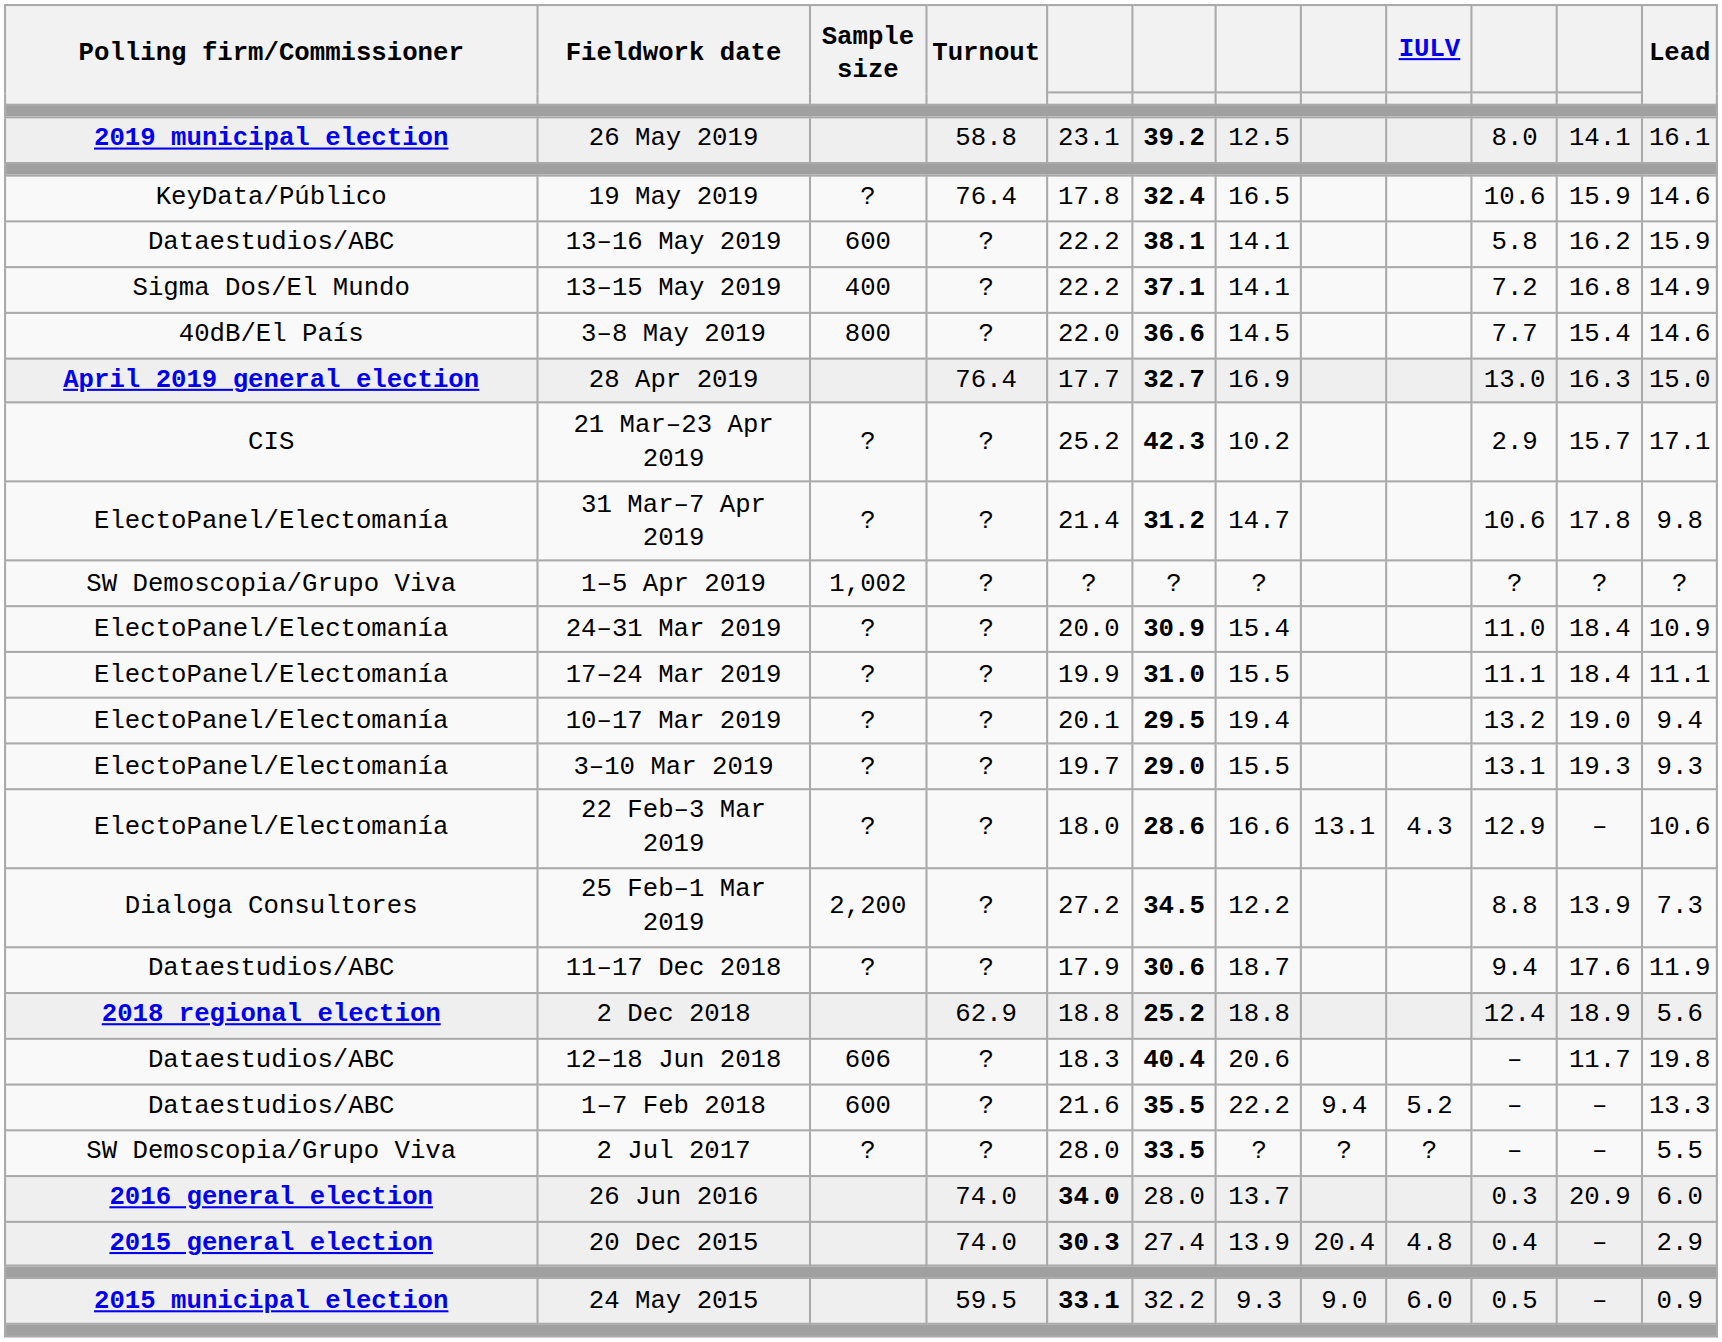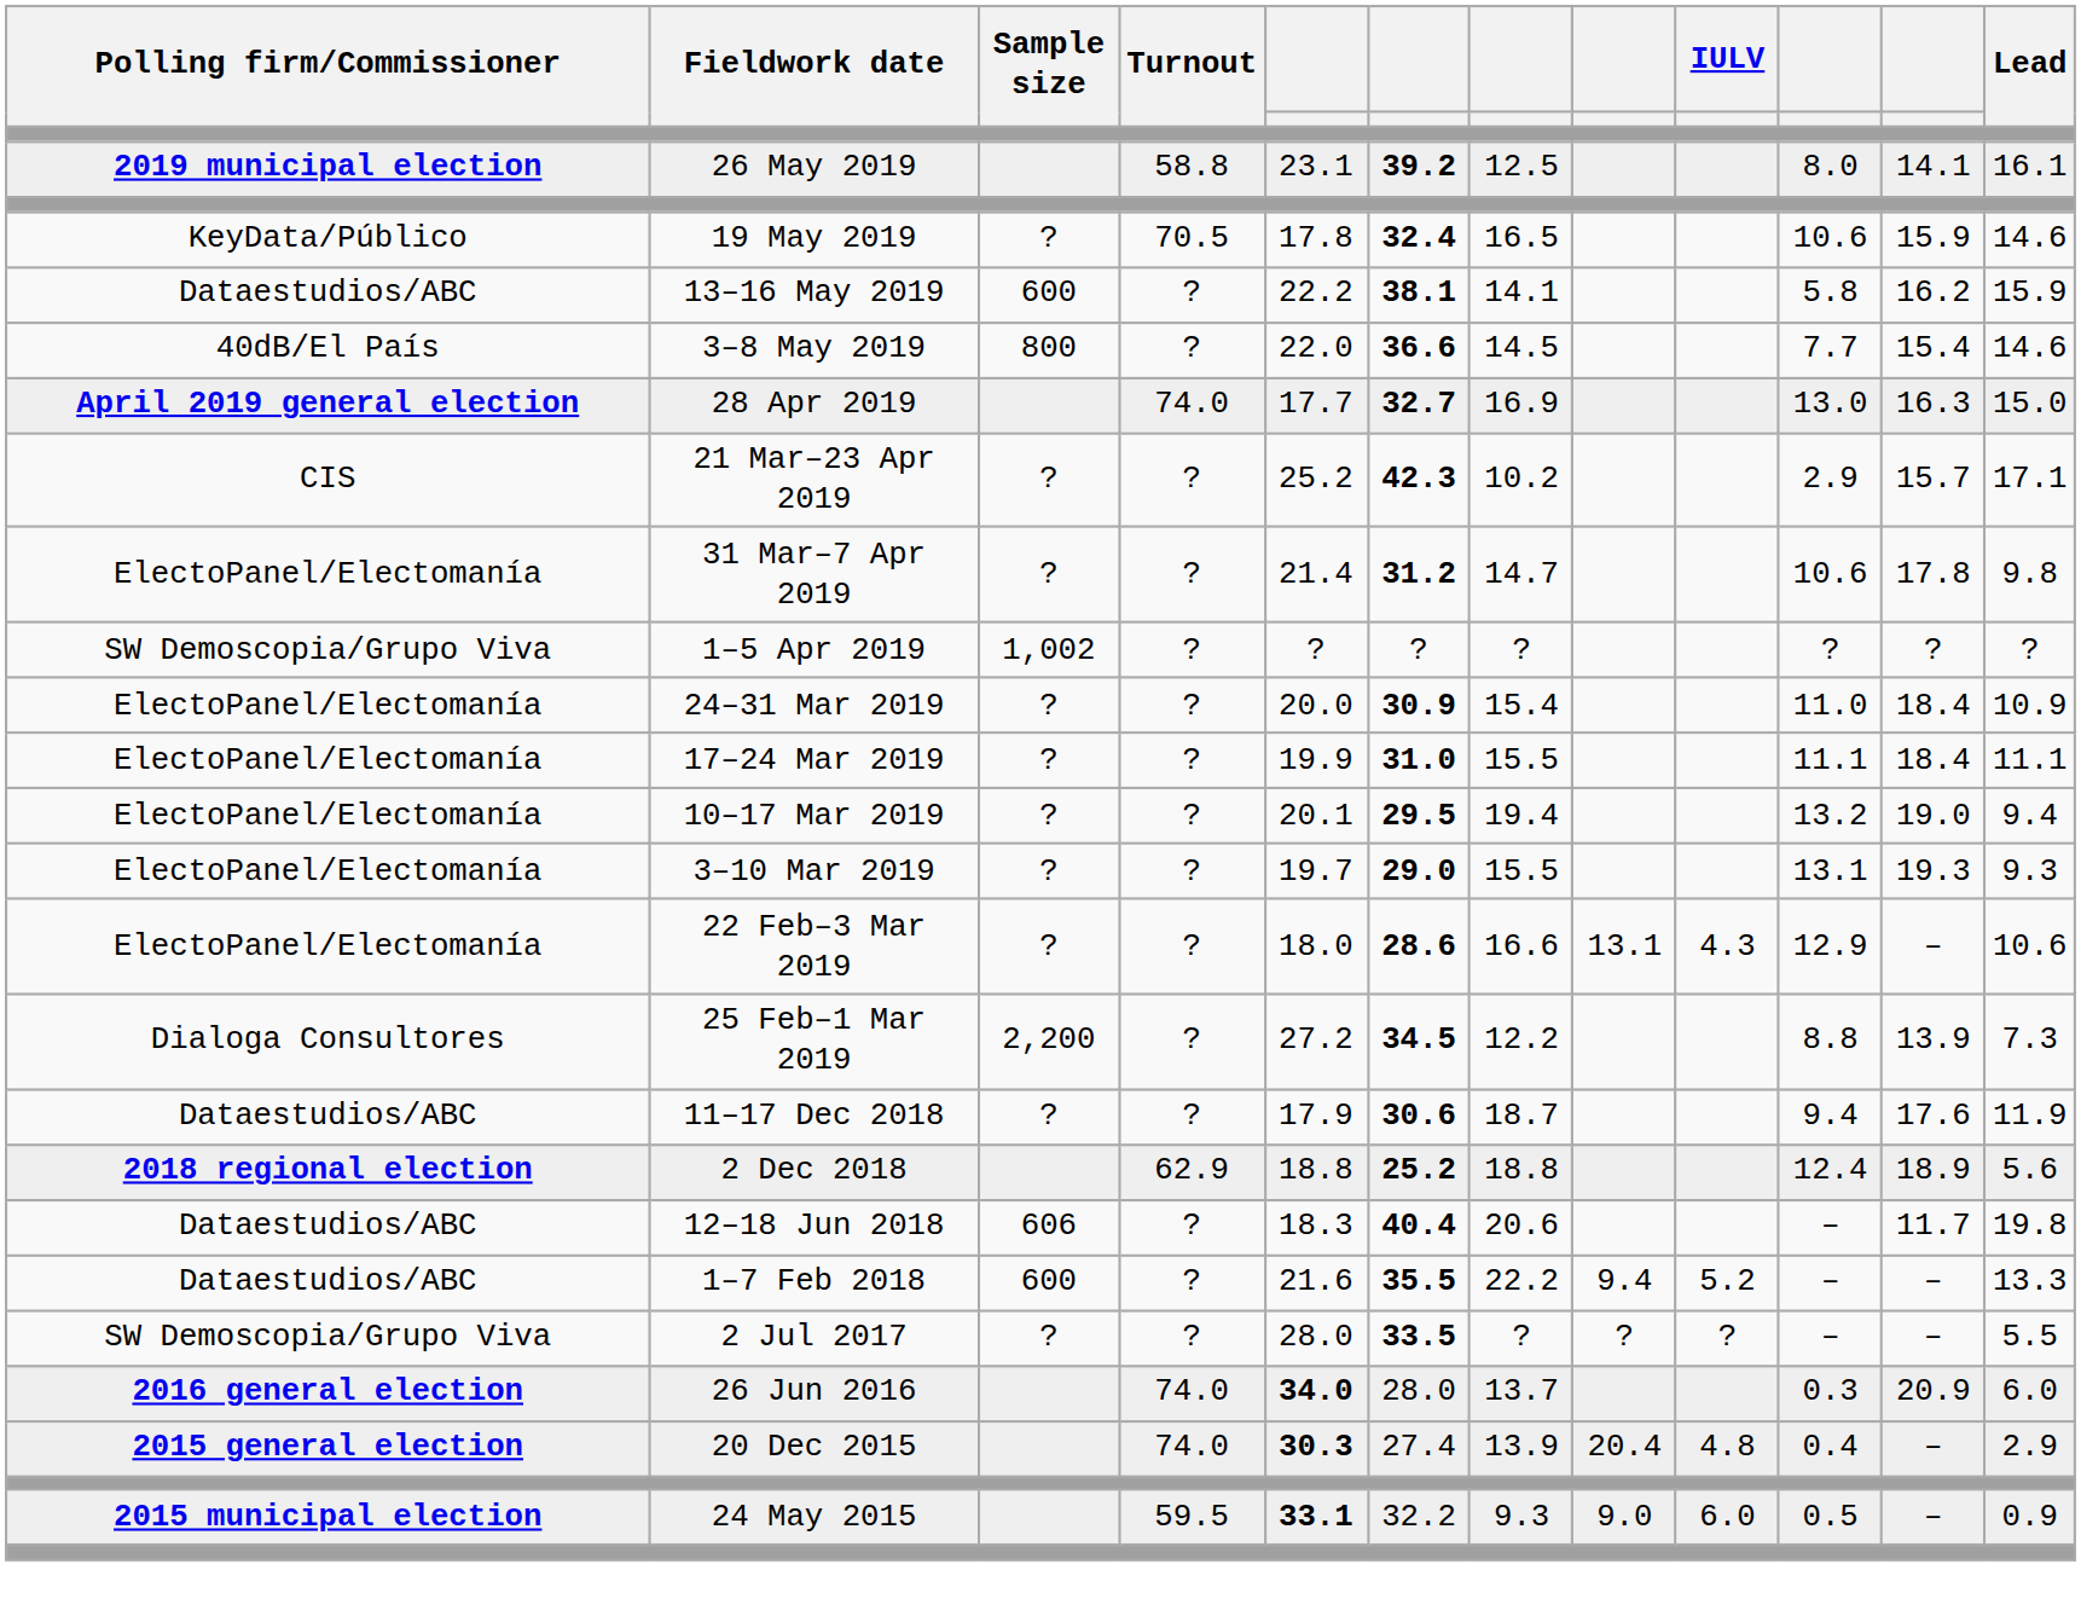 <table class="wikitable collapsible collapsed" style="text-align:center; font-size:95%; line-height:16px;">
 <tr style="height:42px;">
 <th style="width:250px;" rowspan="2">Polling firm/Commissioner</th>
 <th style="width:125px;" rowspan="2">Fieldwork date</th>
 <th style="width:50px;" rowspan="2">Sample size</th>
 <th style="width:45px;" rowspan="2">Turnout</th>
 <th style="width:35px;"></th>
 <th style="width:35px;"></th>
 <th style="width:35px;"></th>
 <th style="width:35px;"></th>
 <th style="width:35px;"><a href='#'>IULV</a></th>
 <th style="width:35px;"></th>
 <th style="width:35px;"></th>
 <th style="width:30px;" rowspan="2">Lead</th>
 </tr>
 <tr>
 <th style="color:inherit;background:"></th>
 <th style="color:inherit;background:"></th>
 <th style="color:inherit;background:"></th>
 <th style="color:inherit;background:"></th>
 <th style="color:inherit;background:"></th>
 <th style="color:inherit;background:"></th>
 <th style="color:inherit;background:"></th>
 </tr>
 <tr>
 <td colspan="12" style="background:#A0A0A0"></td>
 </tr>
 <tr style="background:#EFEFEF;">
 <td><strong><a href='#'>2019 municipal election</a></strong></td>
 <td>26 May 2019</td>
 <td></td>
 <td>58.8</td>
 <td>23.1<br></td>
 <td><strong>39.2</strong><br></td>
 <td>12.5<br></td>
 <td></td>
 <td></td>
 <td>8.0<br></td>
 <td>14.1<br></td>
 <td style="background:">16.1</td>
 </tr>
 <tr>
 <td colspan="12" style="background:#A0A0A0"></td>
 </tr>
 <tr>
 <td>KeyData/Público</td>
 <td>19 May 2019</td>
 <td>?</td>
-<td>76.4</td>
+<td>70.5</td>
 <td>17.8<br></td>
 <td><strong>32.4</strong><br></td>
 <td>16.5<br></td>
 <td></td>
 <td></td>
 <td>10.6<br></td>
 <td>15.9<br></td>
 <td style="background:">14.6</td>
 </tr>
 <tr>
 <td>Dataestudios/ABC</td>
 <td>13–16 May 2019</td>
 <td>600</td>
 <td>?</td>
 <td>22.2<br></td>
 <td><strong>38.1</strong><br></td>
 <td>14.1<br></td>
 <td></td>
 <td></td>
 <td>5.8<br></td>
 <td>16.2<br></td>
 <td style="background:">15.9</td>
 </tr>
 <tr>
-<td>Sigma Dos/El Mundo</td>
-<td>13–15 May 2019</td>
-<td>400</td>
-<td>?</td>
-<td>22.2<br></td>
-<td><strong>37.1</strong><br></td>
-<td>14.1<br></td>
-<td></td>
-<td></td>
-<td>7.2<br></td>
-<td>16.8<br></td>
-<td style="background:">14.9</td>
-</tr>
-<tr>
 <td>40dB/El País</td>
 <td>3–8 May 2019</td>
 <td>800</td>
 <td>?</td>
 <td>22.0<br></td>
 <td><strong>36.6</strong><br></td>
 <td>14.5<br></td>
 <td></td>
 <td></td>
 <td>7.7<br></td>
 <td>15.4<br></td>
 <td style="background:">14.6</td>
 </tr>
 <tr style="background:#EFEFEF;">
 <td><strong><a href='#'>April 2019 general election</a></strong></td>
 <td>28 Apr 2019</td>
 <td></td>
-<td>76.4</td>
+<td>74.0</td>
 <td>17.7<br></td>
 <td><strong>32.7</strong><br></td>
 <td>16.9<br></td>
 <td></td>
 <td></td>
 <td>13.0<br></td>
 <td>16.3<br></td>
 <td style="background:">15.0</td>
 </tr>
 <tr>
 <td>CIS</td>
 <td>21 Mar–23 Apr 2019</td>
 <td>?</td>
 <td>?</td>
 <td>25.2<br></td>
 <td><strong>42.3</strong><br></td>
 <td>10.2<br></td>
 <td></td>
 <td></td>
 <td>2.9<br></td>
 <td>15.7<br></td>
 <td style="background:">17.1</td>
 </tr>
 <tr>
 <td>ElectoPanel/Electomanía</td>
 <td>31 Mar–7 Apr 2019</td>
 <td>?</td>
 <td>?</td>
 <td>21.4<br></td>
 <td><strong>31.2</strong><br></td>
 <td>14.7<br></td>
 <td></td>
 <td></td>
 <td>10.6<br></td>
 <td>17.8<br></td>
 <td style="background:">9.8</td>
 </tr>
 <tr>
 <td>SW Demoscopia/Grupo Viva</td>
 <td>1–5 Apr 2019</td>
 <td>1,002</td>
 <td>?</td>
 <td>?<br></td>
 <td>?<br></td>
 <td>?<br></td>
 <td></td>
 <td></td>
 <td>?<br></td>
 <td>?<br></td>
 <td style="background:">?</td>
 </tr>
 <tr>
 <td>ElectoPanel/Electomanía</td>
 <td>24–31 Mar 2019</td>
 <td>?</td>
 <td>?</td>
 <td>20.0<br></td>
 <td><strong>30.9</strong><br></td>
 <td>15.4<br></td>
 <td></td>
 <td></td>
 <td>11.0<br></td>
 <td>18.4<br></td>
 <td style="background:">10.9</td>
 </tr>
 <tr>
 <td>ElectoPanel/Electomanía</td>
 <td>17–24 Mar 2019</td>
 <td>?</td>
 <td>?</td>
 <td>19.9<br></td>
 <td><strong>31.0</strong><br></td>
 <td>15.5<br></td>
 <td></td>
 <td></td>
 <td>11.1<br></td>
 <td>18.4<br></td>
 <td style="background:">11.1</td>
 </tr>
 <tr>
 <td>ElectoPanel/Electomanía</td>
 <td>10–17 Mar 2019</td>
 <td>?</td>
 <td>?</td>
 <td>20.1<br></td>
 <td><strong>29.5</strong><br></td>
 <td>19.4<br></td>
 <td></td>
 <td></td>
 <td>13.2<br></td>
 <td>19.0<br></td>
 <td style="background:">9.4</td>
 </tr>
 <tr>
 <td>ElectoPanel/Electomanía</td>
 <td>3–10 Mar 2019</td>
 <td>?</td>
 <td>?</td>
 <td>19.7<br></td>
 <td><strong>29.0</strong><br></td>
 <td>15.5<br></td>
 <td></td>
 <td></td>
 <td>13.1<br></td>
 <td>19.3<br></td>
 <td style="background:">9.3</td>
 </tr>
 <tr>
 <td>ElectoPanel/Electomanía</td>
 <td>22 Feb–3 Mar 2019</td>
 <td>?</td>
 <td>?</td>
 <td>18.0<br></td>
 <td><strong>28.6</strong><br></td>
 <td>16.6<br></td>
 <td>13.1<br></td>
 <td>4.3<br></td>
 <td>12.9<br></td>
 <td>–</td>
 <td style="background:">10.6</td>
 </tr>
 <tr>
 <td>Dialoga Consultores</td>
 <td>25 Feb–1 Mar 2019</td>
 <td>2,200</td>
 <td>?</td>
 <td>27.2<br></td>
 <td><strong>34.5</strong><br></td>
 <td>12.2<br></td>
 <td></td>
 <td></td>
 <td>8.8<br></td>
 <td>13.9<br></td>
 <td style="background:">7.3</td>
 </tr>
 <tr>
 <td>Dataestudios/ABC</td>
 <td>11–17 Dec 2018</td>
 <td>?</td>
 <td>?</td>
 <td>17.9<br></td>
 <td><strong>30.6</strong><br></td>
 <td>18.7<br></td>
 <td></td>
 <td></td>
 <td>9.4<br></td>
 <td>17.6<br></td>
 <td style="background:">11.9</td>
 </tr>
 <tr style="background:#EFEFEF;">
 <td><strong><a href='#'>2018 regional election</a></strong></td>
 <td>2 Dec 2018</td>
 <td></td>
 <td>62.9</td>
 <td>18.8<br></td>
 <td><strong>25.2</strong><br></td>
 <td>18.8<br></td>
 <td></td>
 <td></td>
 <td>12.4<br></td>
 <td>18.9<br></td>
 <td style="background:">5.6</td>
 </tr>
 <tr>
 <td>Dataestudios/ABC</td>
 <td>12–18 Jun 2018</td>
 <td>606</td>
 <td>?</td>
 <td>18.3<br></td>
 <td><strong>40.4</strong><br></td>
 <td>20.6<br></td>
 <td></td>
 <td></td>
 <td>–</td>
 <td>11.7<br></td>
 <td style="background:">19.8</td>
 </tr>
 <tr>
 <td>Dataestudios/ABC</td>
 <td>1–7 Feb 2018</td>
 <td>600</td>
 <td>?</td>
 <td>21.6<br></td>
 <td><strong>35.5</strong><br></td>
 <td>22.2<br></td>
 <td>9.4<br></td>
 <td>5.2<br></td>
 <td>–</td>
 <td>–</td>
 <td style="background:">13.3</td>
 </tr>
 <tr>
 <td>SW Demoscopia/Grupo Viva</td>
 <td>2 Jul 2017</td>
 <td>?</td>
 <td>?</td>
 <td>28.0<br></td>
 <td><strong>33.5</strong><br></td>
 <td>?<br></td>
 <td>?<br></td>
 <td>?<br></td>
 <td>–</td>
 <td>–</td>
 <td style="background:">5.5</td>
 </tr>
 <tr style="background:#EFEFEF;">
 <td><strong><a href='#'>2016 general election</a></strong></td>
 <td>26 Jun 2016</td>
 <td></td>
 <td>74.0</td>
 <td><strong>34.0</strong><br></td>
 <td>28.0<br></td>
 <td>13.7<br></td>
 <td></td>
 <td></td>
 <td>0.3<br></td>
 <td>20.9<br></td>
 <td style="background:">6.0</td>
 </tr>
 <tr style="background:#EFEFEF;">
 <td><strong><a href='#'>2015 general election</a></strong></td>
 <td>20 Dec 2015</td>
 <td></td>
 <td>74.0</td>
 <td><strong>30.3</strong><br></td>
 <td>27.4<br></td>
 <td>13.9<br></td>
 <td>20.4<br></td>
 <td>4.8<br></td>
 <td>0.4<br></td>
 <td>–</td>
 <td style="background:">2.9</td>
 </tr>
 <tr>
 <td colspan="12" style="background:#A0A0A0"></td>
 </tr>
 <tr style="background:#EFEFEF;">
 <td><strong><a href='#'>2015 municipal election</a></strong></td>
 <td>24 May 2015</td>
 <td></td>
 <td>59.5</td>
 <td><strong>33.1</strong><br></td>
 <td>32.2<br></td>
 <td>9.3<br></td>
 <td>9.0<br></td>
 <td>6.0<br></td>
 <td>0.5<br></td>
 <td>–</td>
 <td style="background:">0.9</td>
 </tr>
 <tr>
 <td colspan="12" style="background:#A0A0A0"></td>
 </tr>
 </table>
